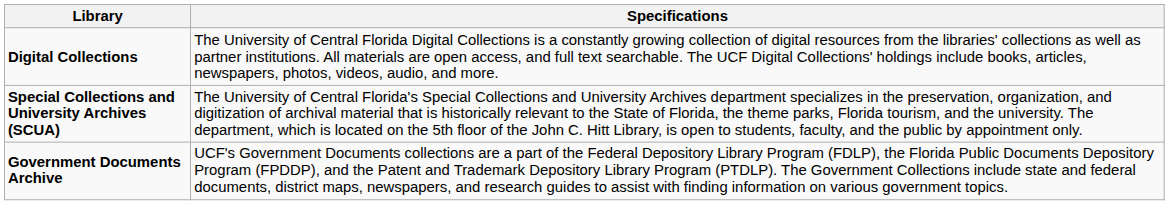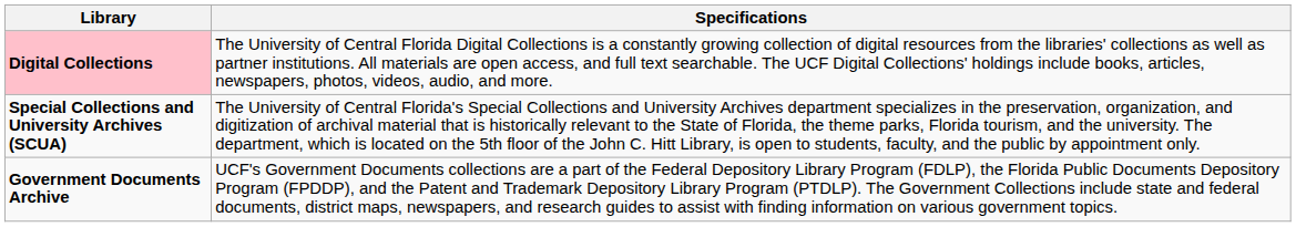 <table class="wikitable">
 <tr>
 <th>Library</th>
 <th>Specifications</th>
 </tr>
 <tr>
-<td><strong>Digital Collections</strong></td>
+<td style="background: pink;"><strong>Digital Collections</strong></td>
 <td>The University of Central Florida Digital Collections is a constantly growing collection of digital resources from the libraries' collections as well as partner institutions. All materials are open access, and full text searchable. The UCF Digital Collections' holdings include books, articles, newspapers, photos, videos, audio, and more.</td>
 </tr>
 <tr>
 <td><strong>Special Collections and University Archives (SCUA)</strong></td>
 <td>The University of Central Florida's Special Collections and University Archives department specializes in the preservation, organization, and digitization of archival material that is historically relevant to the State of Florida, the theme parks, Florida tourism, and the university. The department, which is located on the 5th floor of the John C. Hitt Library, is open to students, faculty, and the public by appointment only.</td>
 </tr>
 <tr>
 <td><strong>Government Documents Archive</strong></td>
 <td>UCF's Government Documents collections are a part of the Federal Depository Library Program (FDLP), the Florida Public Documents Depository Program (FPDDP), and the Patent and Trademark Depository Library Program (PTDLP). The Government Collections include state and federal documents, district maps, newspapers, and research guides to assist with finding information on various government topics.</td>
 </tr>
 </table>
